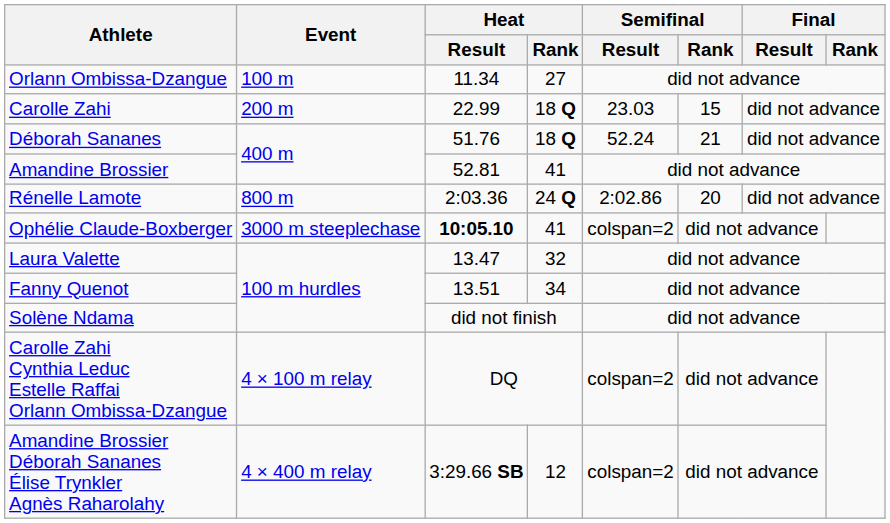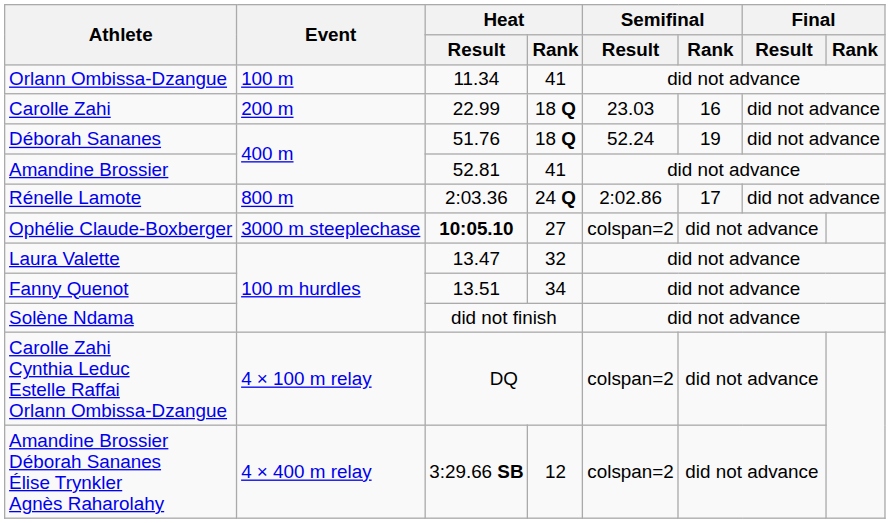 <table class="wikitable"  style=font-size:90%>
 <tr>
 <th rowspan="2">Athlete</th>
 <th rowspan="2">Event</th>
 <th colspan="2">Heat</th>
 <th colspan="2">Semifinal</th>
 <th colspan="2">Final</th>
 </tr>
 <tr>
 <th>Result</th>
 <th>Rank</th>
 <th>Result</th>
 <th>Rank</th>
 <th>Result</th>
 <th>Rank</th>
 </tr>
 <tr style=text-align:center>
 <td style=text-align:left><a href='#'>Orlann Ombissa-Dzangue</a></td>
 <td style=text-align:left><a href='#'>100 m</a></td>
 <td>11.34</td>
-<td>27</td>
+<td>41</td>
 <td colspan=4>did not advance</td>
 </tr>
 <tr style=text-align:center>
 <td style=text-align:left><a href='#'>Carolle Zahi</a></td>
 <td style=text-align:left><a href='#'>200 m</a></td>
 <td>22.99</td>
 <td>18 <strong>Q</strong></td>
 <td>23.03</td>
-<td>15</td>
+<td>16</td>
 <td colspan=2>did not advance</td>
 </tr>
 <tr style=text-align:center>
 <td style=text-align:left><a href='#'>Déborah Sananes</a></td>
 <td style=text-align:left rowspan=2><a href='#'>400 m</a></td>
 <td>51.76</td>
 <td>18 <strong>Q</strong></td>
 <td>52.24</td>
-<td>21</td>
+<td>19</td>
 <td colspan=2>did not advance</td>
 </tr>
 <tr style=text-align:center>
 <td style=text-align:left><a href='#'>Amandine Brossier</a></td>
 <td>52.81</td>
 <td>41</td>
 <td colspan=4>did not advance</td>
 </tr>
 <tr style=text-align:center>
 <td style=text-align:left><a href='#'>Rénelle Lamote</a></td>
 <td style=text-align:left><a href='#'>800 m</a></td>
 <td>2:03.36</td>
 <td>24 <strong>Q</strong></td>
 <td>2:02.86</td>
-<td>20</td>
+<td>17</td>
 <td colspan=2>did not advance</td>
 </tr>
 <tr style=text-align:center>
 <td style=text-align:left><a href='#'>Ophélie Claude-Boxberger</a></td>
 <td style=text-align:left><a href='#'>3000 m steeplechase</a></td>
 <td><strong>10:05.10</strong></td>
-<td>41</td>
+<td>27</td>
 <td>colspan=2</td>
 <td colspan=2>did not advance</td>
 </tr>
 <tr style=text-align:center>
 <td style=text-align:left><a href='#'>Laura Valette</a></td>
 <td style=text-align:left rowspan=3><a href='#'>100 m hurdles</a></td>
 <td>13.47</td>
 <td>32</td>
 <td colspan=4>did not advance</td>
 </tr>
 <tr style=text-align:center>
 <td style=text-align:left><a href='#'>Fanny Quenot</a></td>
 <td>13.51</td>
 <td>34</td>
 <td colspan=4>did not advance</td>
 </tr>
 <tr style=text-align:center>
 <td style=text-align:left><a href='#'>Solène Ndama</a></td>
 <td colspan=2>did not finish</td>
 <td colspan=4>did not advance</td>
 </tr>
 <tr style=text-align:center>
 <td style=text-align:left><a href='#'>Carolle Zahi</a><br> <a href='#'>Cynthia Leduc</a><br> <a href='#'>Estelle Raffai</a><br> <a href='#'>Orlann Ombissa-Dzangue</a></td>
 <td style=text-align:left><a href='#'>4 × 100 m relay</a></td>
 <td colspan=2>DQ</td>
 <td>colspan=2</td>
 <td colspan=2>did not advance</td>
 </tr>
 <tr style=text-align:center>
 <td style=text-align:left><a href='#'>Amandine Brossier</a><br> <a href='#'>Déborah Sananes</a><br> <a href='#'>Élise Trynkler</a><br> <a href='#'>Agnès Raharolahy</a></td>
 <td style=text-align:left><a href='#'>4 × 400 m relay</a></td>
 <td>3:29.66 <strong>SB</strong></td>
 <td>12</td>
 <td>colspan=2</td>
 <td colspan=2>did not advance</td>
 </tr>
 </table>
